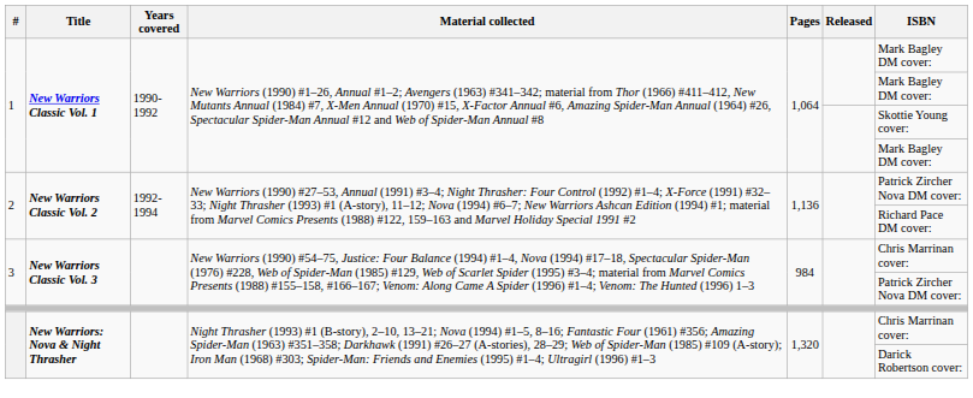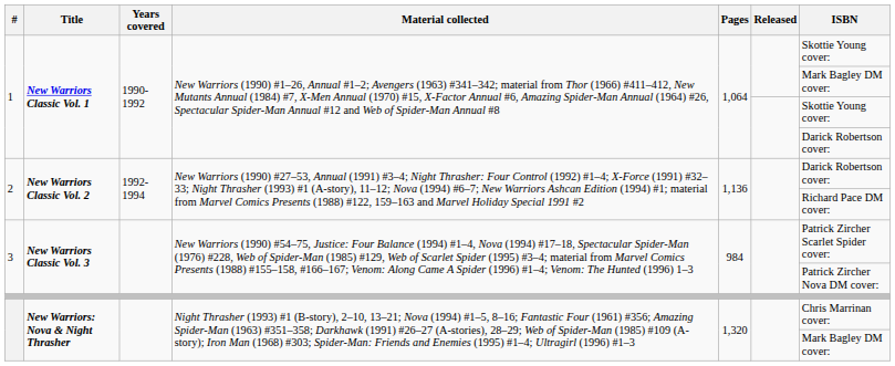 <table class="wikitable sortable" width="99%">
 <tr>
 <th class="unsortable" width="20px">#</th>
 <th>Title</th>
 <th>Years covered</th>
 <th class="unsortable">Material collected</th>
 <th>Pages</th>
 <th>Released</th>
 <th class="unsortable">ISBN</th>
 </tr>
 <tr>
 <td rowspan=4>1</td>
 <td rowspan=4><strong><em><a href='#'>New Warriors</a> Classic Vol. 1</em></strong></td>
 <td rowspan=4>1990-1992</td>
 <td rowspan=4><em>New Warriors</em> (1990) #1–26, <em>Annual</em> #1–2; <em>Avengers</em> (1963) #341–342; material from <em>Thor</em> (1966) #411–412, <em>New Mutants Annual</em> (1984) #7, <em>X-Men Annual</em> (1970) #15, <em>X-Factor Annual</em> #6, <em>Amazing Spider-Man Annual</em> (1964) #26, <em>Spectacular Spider-Man Annual</em> #12 and <em>Web of Spider-Man Annual</em> #8</td>
 <td rowspan=4 style="text-align: center;">1,064</td>
 <td rowspan=2></td>
-<td>Mark Bagley DM cover: </td>
+<td>Skottie Young cover: </td>
 </tr>
 <tr>
 <td>Mark Bagley DM cover: </td>
 </tr>
 <tr>
 <td rowspan=2></td>
 <td>Skottie Young cover: </td>
 </tr>
 <tr>
-<td>Mark Bagley DM cover: </td>
+<td>Darick Robertson cover: </td>
 </tr>
 <tr>
 <td rowspan=2>2</td>
 <td rowspan=2><strong><em>New Warriors Classic Vol. 2</em></strong></td>
 <td rowspan=2>1992-1994</td>
 <td rowspan=2><em>New Warriors</em> (1990) #27–53, <em>Annual</em> (1991) #3–4; <em>Night Thrasher: Four Control</em> (1992) #1–4; <em>X-Force</em> (1991) #32–33; <em>Night Thrasher</em> (1993) #1 (A-story), 11–12; <em>Nova</em> (1994) #6–7; <em>New Warriors Ashcan Edition</em> (1994) #1; material from <em>Marvel Comics Presents</em> (1988) #122, 159–163 and <em>Marvel Holiday Special 1991</em> #2</td>
 <td rowspan=2 style="text-align: center;">1,136</td>
 <td rowspan=2></td>
-<td>Patrick Zircher Nova DM cover: </td>
+<td>Darick Robertson cover: </td>
 </tr>
 <tr>
 <td>Richard Pace DM cover: </td>
 </tr>
 <tr>
 <td rowspan=2>3</td>
 <td rowspan=2><strong><em>New Warriors Classic Vol. 3</em></strong></td>
 <td rowspan=2></td>
 <td rowspan=2><em>New Warriors</em> (1990) #54–75, <em>Justice: Four Balance</em> (1994) #1–4, <em>Nova</em> (1994) #17–18, <em>Spectacular Spider-Man</em> (1976) #228, <em>Web of Spider-Man</em> (1985) #129, <em>Web of Scarlet Spider</em> (1995) #3–4; material from <em>Marvel Comics Presents</em> (1988) #155–158, #166–167; <em>Venom: Along Came A Spider</em> (1996) #1–4; <em>Venom: The Hunted</em> (1996) 1–3</td>
 <td rowspan=2 style="text-align: center;">984</td>
 <td rowspan=2></td>
-<td>Chris Marrinan cover: </td>
+<td>Patrick Zircher Scarlet Spider cover: </td>
 </tr>
 <tr>
 <td>Patrick Zircher Nova DM cover: </td>
 </tr>
 <tr>
 <th colspan=7 style="background-color: silver;"></th>
 </tr>
 <tr>
 <th rowspan=2 style="background-color: light grey;"></th>
 <td rowspan=2><strong><em>New Warriors: Nova & Night Thrasher</em></strong></td>
 <td rowspan=2></td>
 <td rowspan=2><em>Night Thrasher</em> (1993) #1 (B-story), 2–10, 13–21; <em>Nova</em> (1994) #1–5, 8–16; <em>Fantastic Four</em> (1961) #356; <em>Amazing Spider-Man</em> (1963) #351–358; <em>Darkhawk</em> (1991) #26–27 (A-stories), 28–29; <em>Web of Spider-Man</em> (1985) #109 (A-story); <em>Iron Man</em> (1968) #303; <em>Spider-Man: Friends and Enemies</em> (1995) #1–4; <em>Ultragirl</em> (1996) #1–3</td>
 <td rowspan=2 style="text-align: center;">1,320</td>
 <td rowspan=2></td>
 <td>Chris Marrinan cover: </td>
 </tr>
 <tr>
-<td>Darick Robertson cover: </td>
+<td>Mark Bagley DM cover: </td>
 </tr>
 </table>
